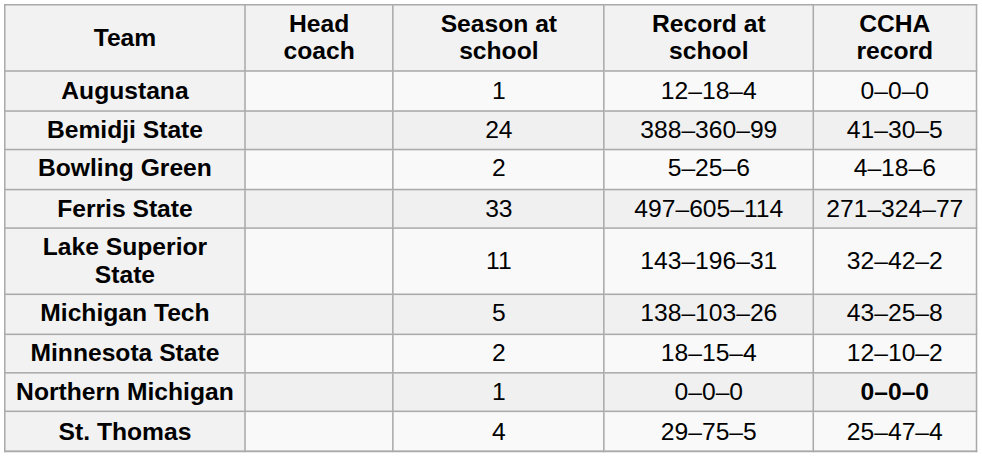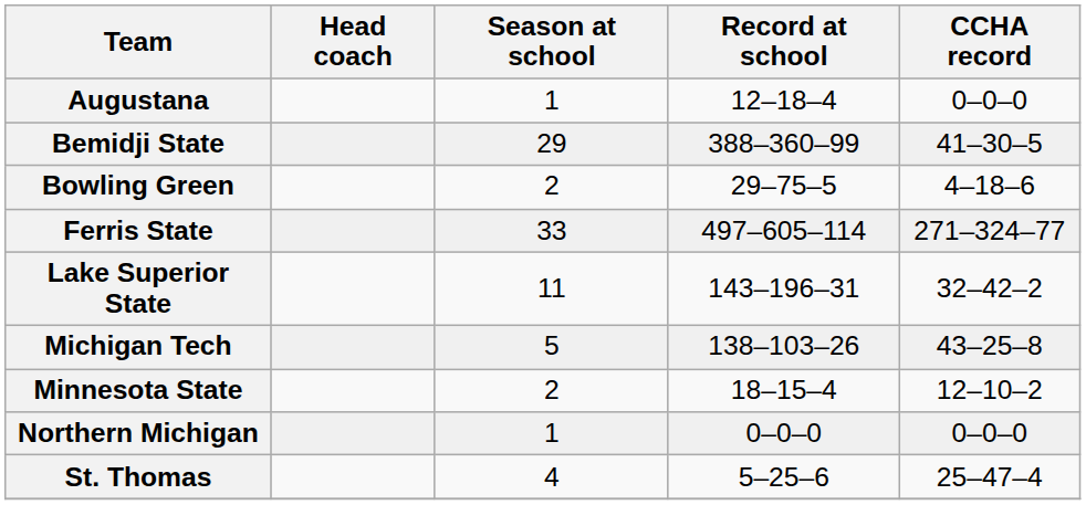 <table class="wikitable sortable" style="text-align: center; "width=50%">
 <tr>
 <th>Team</th>
 <th>Head coach</th>
 <th>Season at school</th>
 <th>Record at school</th>
 <th>CCHA record</th>
 </tr>
 <tr>
 <th>Augustana</th>
 <td></td>
 <td>1</td>
 <td>12–18–4</td>
 <td>0–0–0</td>
 </tr>
 <tr bgcolor=f0f0f0>
 <th>Bemidji State</th>
 <td></td>
-<td>24</td>
+<td>29</td>
 <td>388–360–99</td>
 <td>41–30–5</td>
 </tr>
 <tr>
 <th>Bowling Green</th>
 <td></td>
 <td>2</td>
-<td>5–25–6</td>
+<td>29–75–5</td>
 <td>4–18–6</td>
 </tr>
 <tr bgcolor=f0f0f0>
 <th>Ferris State</th>
 <td></td>
 <td>33</td>
 <td>497–605–114</td>
 <td>271–324–77</td>
 </tr>
 <tr>
 <th>Lake Superior State</th>
 <td></td>
 <td>11</td>
 <td>143–196–31</td>
 <td>32–42–2</td>
 </tr>
 <tr bgcolor=f0f0f0>
 <th>Michigan Tech</th>
 <td></td>
 <td>5</td>
 <td>138–103–26</td>
 <td>43–25–8</td>
 </tr>
 <tr>
 <th>Minnesota State</th>
 <td></td>
 <td>2</td>
 <td>18–15–4</td>
 <td>12–10–2</td>
 </tr>
 <tr bgcolor=f0f0f0>
 <th>Northern Michigan</th>
 <td></td>
 <td>1</td>
 <td>0–0–0</td>
-<td><strong>0–0–0</strong></td>
+<td>0–0–0</td>
 </tr>
 <tr>
 <th>St. Thomas</th>
 <td></td>
 <td>4</td>
-<td>29–75–5</td>
+<td>5–25–6</td>
 <td>25–47–4</td>
 </tr>
 <tr>
 </tr>
 </table>
